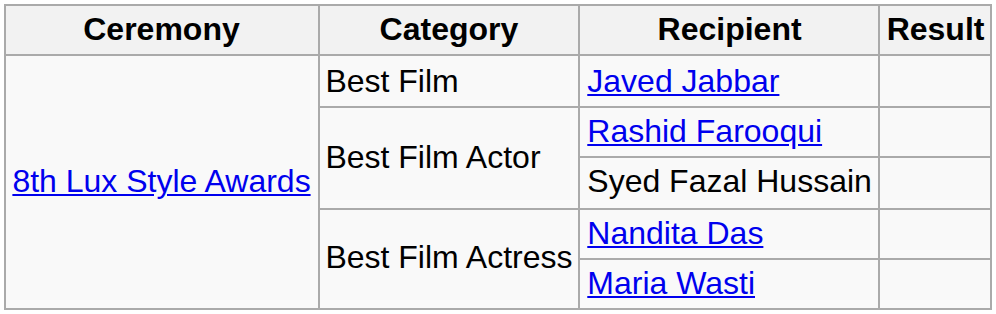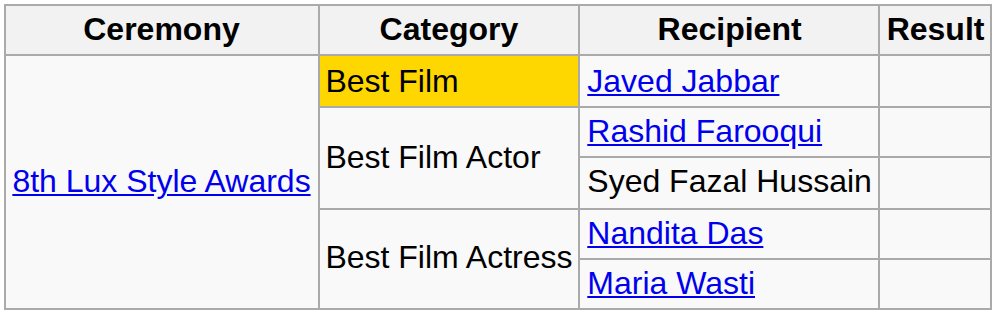 <table class="wikitable style">
 <tr>
 <th>Ceremony</th>
 <th>Category</th>
 <th>Recipient</th>
 <th>Result</th>
 </tr>
 <tr>
 <td rowspan="5"><a href='#'>8th Lux Style Awards</a></td>
-<td>Best Film</td>
+<td style="background: gold;">Best Film</td>
 <td><a href='#'>Javed Jabbar</a></td>
 <td></td>
 </tr>
 <tr>
 <td rowspan="2">Best Film Actor</td>
 <td><a href='#'>Rashid Farooqui</a></td>
 <td></td>
 </tr>
 <tr>
 <td>Syed Fazal Hussain</td>
 <td></td>
 </tr>
 <tr>
 <td rowspan="2">Best Film Actress</td>
 <td><a href='#'>Nandita Das</a></td>
 <td></td>
 </tr>
 <tr>
 <td><a href='#'>Maria Wasti</a></td>
 <td></td>
 </tr>
 </table>
